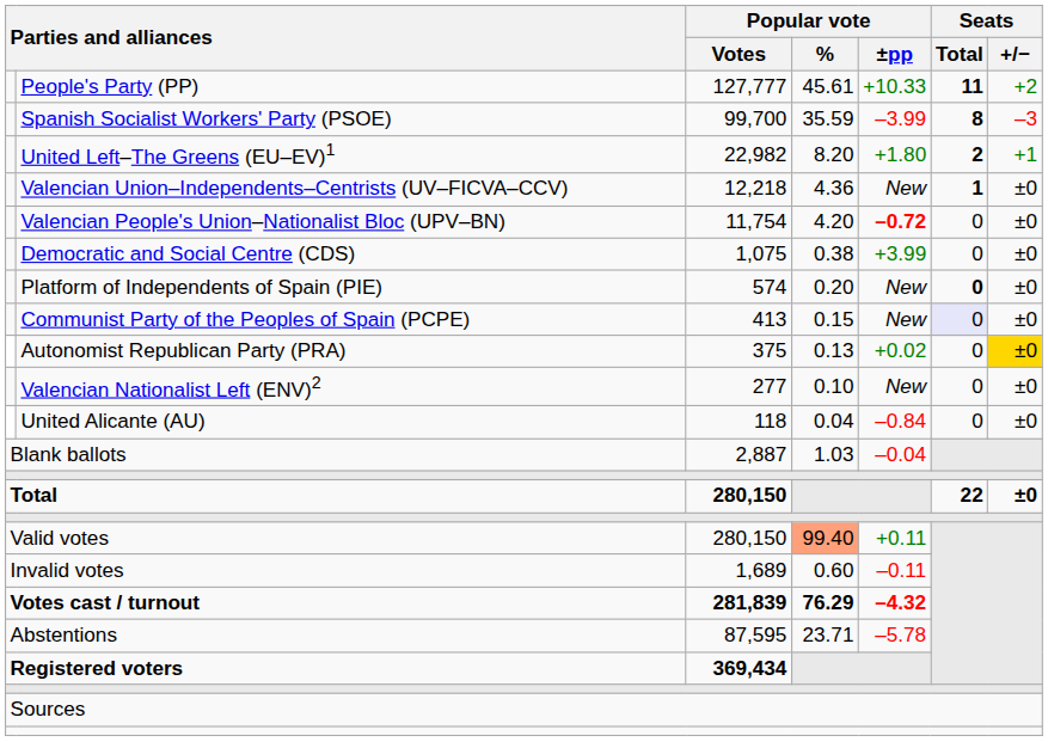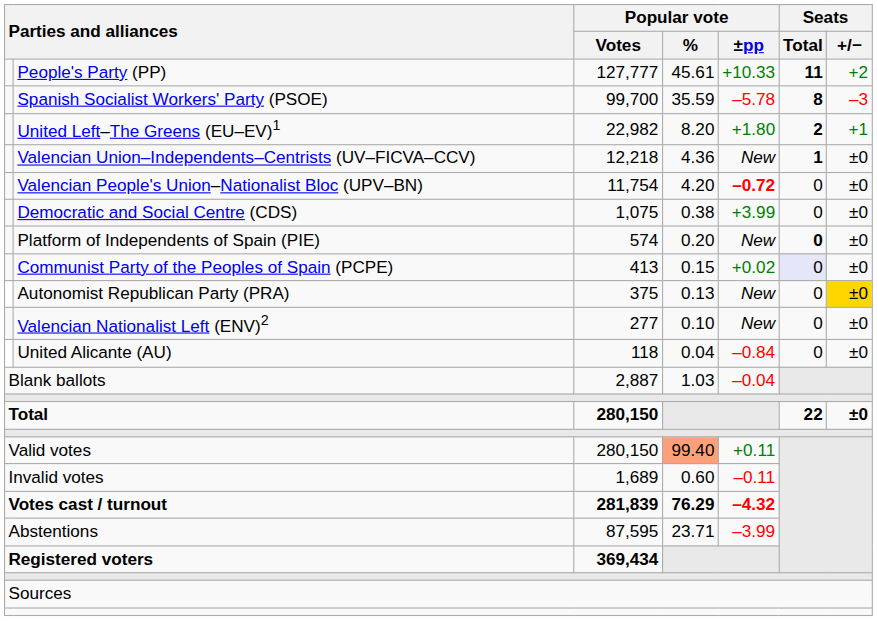 <table class="wikitable" style="text-align:right;">
 <tr>
 <th style="text-align:left;" rowspan="2" colspan="2" width="525">Parties and alliances</th>
 <th colspan="3">Popular vote</th>
 <th colspan="2">Seats</th>
 </tr>
 <tr>
 <th width="75">Votes</th>
 <th width="45">%</th>
 <th width="45">±<a href='#'>pp</a></th>
 <th width="35">Total</th>
 <th width="35">+/−</th>
 </tr>
 <tr>
 <td width="1" style="color:inherit;background:"></td>
 <td align="left"><a href='#'>People's Party</a> (PP)</td>
 <td>127,777</td>
 <td>45.61</td>
 <td style="color:green;">+10.33</td>
 <td><strong>11</strong></td>
 <td style="color:green;">+2</td>
 </tr>
 <tr>
 <td style="color:inherit;background:"></td>
 <td align="left"><a href='#'>Spanish Socialist Workers' Party</a> (PSOE)</td>
 <td>99,700</td>
 <td>35.59</td>
-<td style="color:red;">–3.99</td>
+<td style="color:red;">–5.78</td>
 <td><strong>8</strong></td>
 <td style="color:red;">–3</td>
 </tr>
 <tr>
 <td style="color:inherit;background:"></td>
 <td align="left"><a href='#'>United Left</a>–<a href='#'>The Greens</a> (EU–EV)<sup>1</sup></td>
 <td>22,982</td>
 <td>8.20</td>
 <td style="color:green;">+1.80</td>
 <td><strong>2</strong></td>
 <td style="color:green;">+1</td>
 </tr>
 <tr>
 <td style="color:inherit;background:"></td>
 <td align="left"><a href='#'>Valencian Union–Independents–Centrists</a> (UV–FICVA–CCV)</td>
 <td>12,218</td>
 <td>4.36</td>
 <td><em>New</em></td>
 <td><strong>1</strong></td>
 <td>±0</td>
 </tr>
 <tr>
 <td style="color:inherit;background:"></td>
 <td align="left"><a href='#'>Valencian People's Union</a>–<a href='#'>Nationalist Bloc</a> (UPV–BN)</td>
 <td>11,754</td>
 <td>4.20</td>
 <td style="color:red;"><strong>–0.72</strong></td>
 <td>0</td>
 <td>±0</td>
 </tr>
 <tr>
 <td style="color:inherit;background:"></td>
 <td align="left"><a href='#'>Democratic and Social Centre</a> (CDS)</td>
 <td>1,075</td>
 <td>0.38</td>
 <td style="color:green;">+3.99</td>
 <td>0</td>
 <td>±0</td>
 </tr>
 <tr>
 <td style="color:inherit;background:"></td>
 <td align="left">Platform of Independents of Spain (PIE)</td>
 <td>574</td>
 <td>0.20</td>
 <td><em>New</em></td>
 <td><strong>0</strong></td>
 <td>±0</td>
 </tr>
 <tr>
 <td style="color:inherit;background:"></td>
 <td align="left"><a href='#'>Communist Party of the Peoples of Spain</a> (PCPE)</td>
 <td>413</td>
 <td>0.15</td>
-<td><em>New</em></td>
+<td style="color:green;">+0.02</td>
 <td style="background: lavender;">0</td>
 <td>±0</td>
 </tr>
 <tr>
 <td bgcolor="white"></td>
 <td align="left">Autonomist Republican Party (PRA)</td>
 <td>375</td>
 <td>0.13</td>
-<td style="color:green;">+0.02</td>
+<td><em>New</em></td>
 <td>0</td>
 <td style="background: gold;">±0</td>
 </tr>
 <tr>
 <td style="color:inherit;background:"></td>
 <td align="left"><a href='#'>Valencian Nationalist Left</a> (ENV)<sup>2</sup></td>
 <td>277</td>
 <td>0.10</td>
 <td><em>New</em></td>
 <td>0</td>
 <td>±0</td>
 </tr>
 <tr>
 <td bgcolor="white"></td>
 <td align="left">United Alicante (AU)</td>
 <td>118</td>
 <td>0.04</td>
 <td style="color:red;">–0.84</td>
 <td>0</td>
 <td>±0</td>
 </tr>
 <tr>
 <td align="left" colspan="2">Blank ballots</td>
 <td>2,887</td>
 <td>1.03</td>
 <td style="color:red;">–0.04</td>
 <td bgcolor="#E9E9E9" colspan="2"></td>
 </tr>
 <tr>
 <td colspan="7" bgcolor="#E9E9E9"></td>
 </tr>
 <tr style="font-weight:bold;">
 <td align="left" colspan="2">Total</td>
 <td>280,150</td>
 <td bgcolor="#E9E9E9" colspan="2"></td>
 <td>22</td>
 <td>±0</td>
 </tr>
 <tr>
 <td colspan="7" bgcolor="#E9E9E9"></td>
 </tr>
 <tr>
 <td align="left" colspan="2">Valid votes</td>
 <td>280,150</td>
 <td style="background: lightsalmon;">99.40</td>
 <td style="color:green;">+0.11</td>
 <td bgcolor="#E9E9E9" colspan="2" rowspan="5"></td>
 </tr>
 <tr>
 <td align="left" colspan="2">Invalid votes</td>
 <td>1,689</td>
 <td>0.60</td>
 <td style="color:red;">–0.11</td>
 </tr>
 <tr style="font-weight:bold;">
 <td align="left" colspan="2">Votes cast / turnout</td>
 <td>281,839</td>
 <td>76.29</td>
 <td style="color:red;">–4.32</td>
 </tr>
 <tr>
 <td align="left" colspan="2">Abstentions</td>
 <td>87,595</td>
 <td>23.71</td>
-<td style="color:red;">–5.78</td>
+<td style="color:red;">–3.99</td>
 </tr>
 <tr style="font-weight:bold;">
 <td align="left" colspan="2">Registered voters</td>
 <td>369,434</td>
 <td bgcolor="#E9E9E9" colspan="2"></td>
 </tr>
 <tr>
 <td colspan="7" bgcolor="#E9E9E9"></td>
 </tr>
 <tr>
 <td align="left" colspan="7">Sources</td>
 </tr>
 <tr>
 <td colspan="7" style="text-align:left; max-width:790px;"></td>
 </tr>
 </table>
